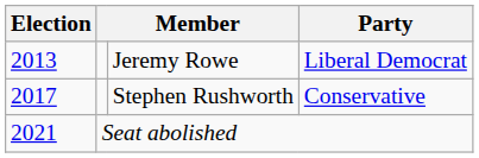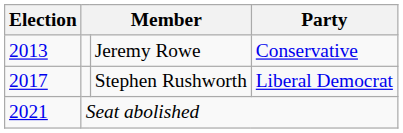 <table class="wikitable">
 <tr>
 <th>Election</th>
 <th colspan="2">Member</th>
 <th>Party</th>
 </tr>
 <tr>
 <td><a href='#'>2013</a></td>
 <td rowspan="1" style="background-color: "></td>
 <td rowspan="1">Jeremy Rowe</td>
-<td rowspan="1"><a href='#'>Liberal Democrat</a></td>
+<td rowspan="1"><a href='#'>Conservative</a></td>
 </tr>
 <tr>
 <td><a href='#'>2017</a></td>
 <td rowspan="1" style="background-color: "></td>
 <td rowspan="1">Stephen Rushworth</td>
-<td rowspan="1"><a href='#'>Conservative</a></td>
+<td rowspan="1"><a href='#'>Liberal Democrat</a></td>
 </tr>
 <tr>
 <td><a href='#'>2021</a></td>
 <td colspan="3"><em>Seat abolished</em></td>
 </tr>
 </table>
